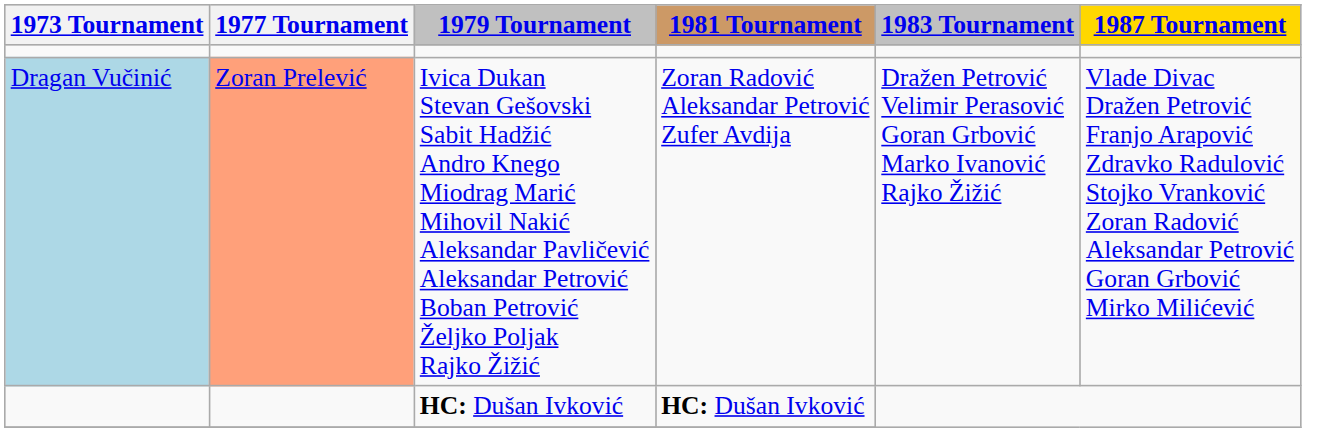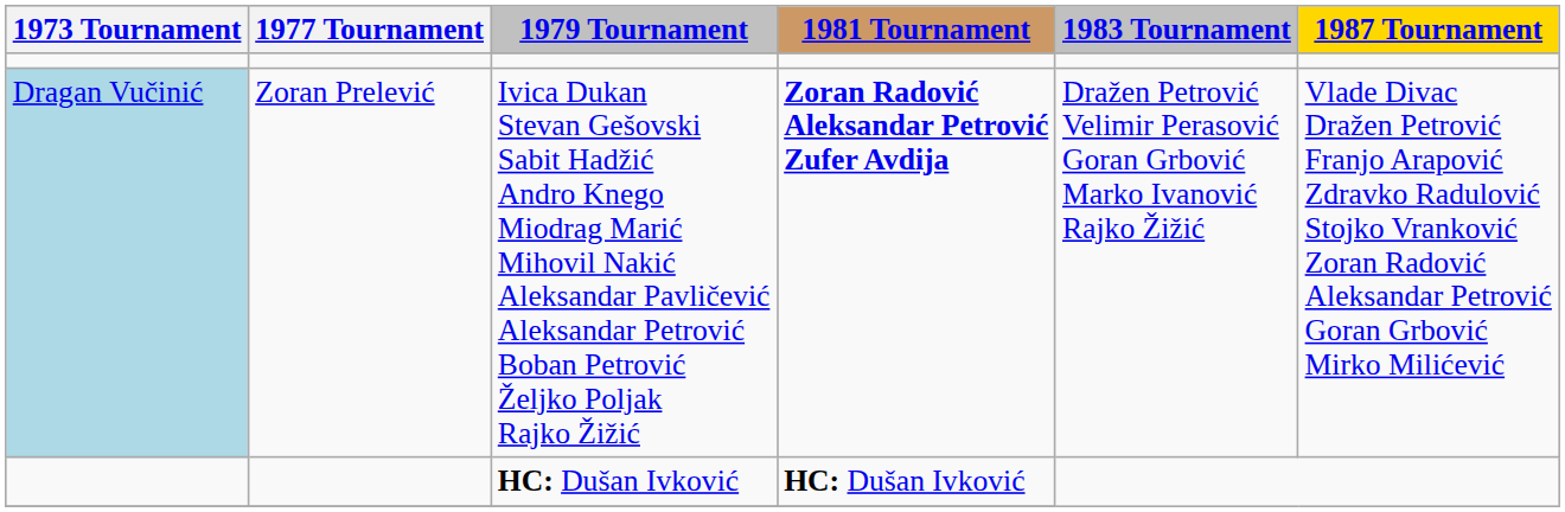 <table class="wikitable">
 <tr>
 <th><a href='#'>1973 Tournament</a></th>
 <th><a href='#'>1977 Tournament</a></th>
 <th style="background:silver;"><a href='#'>1979 Tournament</a></th>
 <th style="background:#cc9966;"><a href='#'>1981 Tournament</a></th>
 <th style="background:silver;"><a href='#'>1983 Tournament</a></th>
 <th style="background:gold;"><a href='#'>1987 Tournament</a></th>
 </tr>
 <tr>
 <td></td>
 <td></td>
 <td></td>
 <td></td>
 <td></td>
 <td></td>
 </tr>
 <tr>
 <td valign=top style="background: lightblue;"><a href='#'>Dragan Vučinić</a></td>
-<td valign=top style="background: lightsalmon;"><a href='#'>Zoran Prelević</a></td>
+<td valign=top><a href='#'>Zoran Prelević</a></td>
 <td valign=top><a href='#'>Ivica Dukan</a><br><a href='#'>Stevan Gešovski</a><br> <a href='#'>Sabit Hadžić</a><br> <a href='#'>Andro Knego</a><br> <a href='#'>Miodrag Marić</a><br> <a href='#'>Mihovil Nakić</a><br> <a href='#'>Aleksandar Pavličević</a><br> <a href='#'>Aleksandar Petrović</a><br> <a href='#'>Boban Petrović</a><br> <a href='#'>Željko Poljak</a><br> <a href='#'>Rajko Žižić</a></td>
-<td valign=top><a href='#'>Zoran Radović</a><br><a href='#'>Aleksandar Petrović</a><br><a href='#'>Zufer Avdija</a></td>
+<td valign=top><strong><a href='#'>Zoran Radović</a><br><a href='#'>Aleksandar Petrović</a><br><a href='#'>Zufer Avdija</a></strong></td>
 <td valign=top><a href='#'>Dražen Petrović</a><br><a href='#'>Velimir Perasović</a><br><a href='#'>Goran Grbović</a><br><a href='#'>Marko Ivanović</a><br><a href='#'>Rajko Žižić</a><br></td>
 <td valign=top><a href='#'>Vlade Divac</a><br><a href='#'>Dražen Petrović</a><br><a href='#'>Franjo Arapović</a><br><a href='#'>Zdravko Radulović</a><br><a href='#'>Stojko Vranković</a><br><a href='#'>Zoran Radović</a><br><a href='#'>Aleksandar Petrović</a><br><a href='#'>Goran Grbović</a><br><a href='#'>Mirko Milićević</a></td>
 </tr>
 <tr>
 <td></td>
 <td></td>
 <td><strong>HC:</strong> <a href='#'>Dušan Ivković</a></td>
 <td><strong>HC:</strong> <a href='#'>Dušan Ivković</a></td>
 </tr>
 <tr>
 </tr>
 </table>
